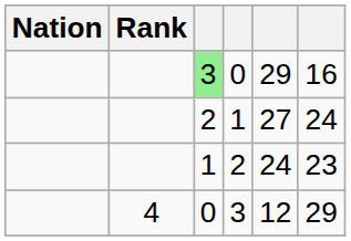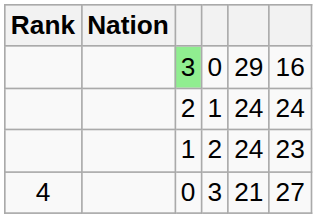 <table class="wikitable sortable" style="text-align: center;">
 <tr>
+<th>Rank</th>
 <th>Nation</th>
-<th>Rank</th>
 <th></th>
 <th></th>
 <th></th>
 <th></th>
 </tr>
 <tr>
+<td></td>
 <td align=left></td>
-<td></td>
 <td style="background: lightgreen;">3</td>
 <td>0</td>
 <td>29</td>
 <td>16</td>
 </tr>
 <tr>
+<td></td>
 <td align=left></td>
-<td></td>
 <td>2</td>
 <td>1</td>
-<td>27</td>
+<td>24</td>
 <td>24</td>
 </tr>
 <tr>
+<td></td>
 <td align=left></td>
-<td></td>
 <td>1</td>
 <td>2</td>
 <td>24</td>
 <td>23</td>
 </tr>
 <tr>
+<td>4</td>
 <td align=left></td>
-<td>4</td>
 <td>0</td>
 <td>3</td>
-<td>12</td>
-<td>29</td>
+<td>21</td>
+<td>27</td>
 </tr>
 </table>
